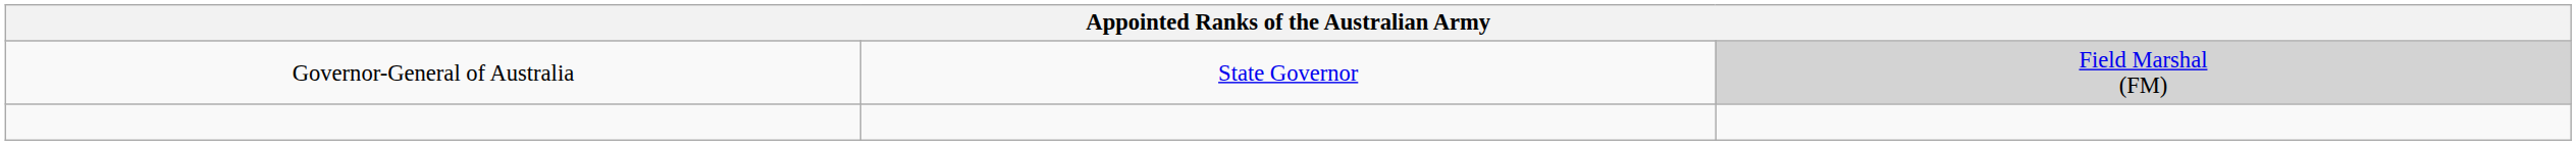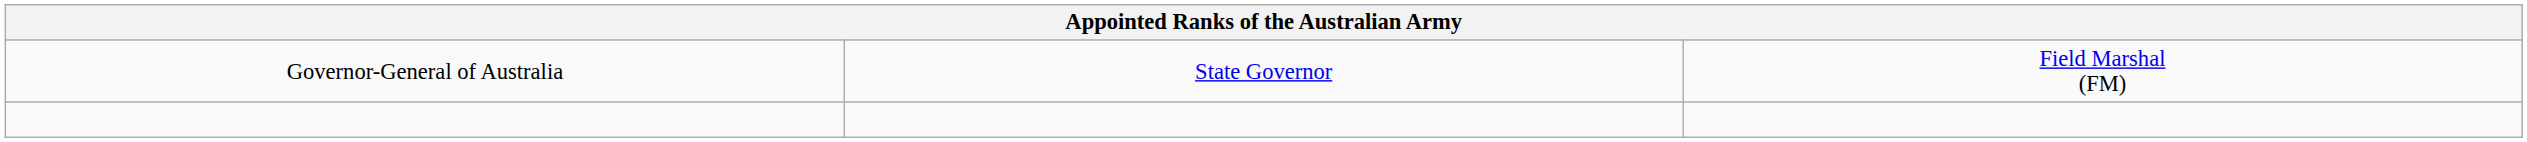 <table class="wikitable"  style="margin:0.2em auto; width:90%;">
 <tr>
 <th colspan=3>Appointed Ranks of the Australian Army</th>
 </tr>
 <tr align=center>
 <td width="20%">Governor-General of Australia<br></td>
 <td width="20%"><a href='#'>State Governor</a><br></td>
-<td width="20%" style="background: lightgrey;"><a href='#'>Field Marshal</a><br>(FM)</td>
+<td width="20%"><a href='#'>Field Marshal</a><br>(FM)</td>
 </tr>
 <tr style="text-align:center;">
 <td><br></td>
 <td><br></td>
 <td><br></td>
 </tr>
 </table>
